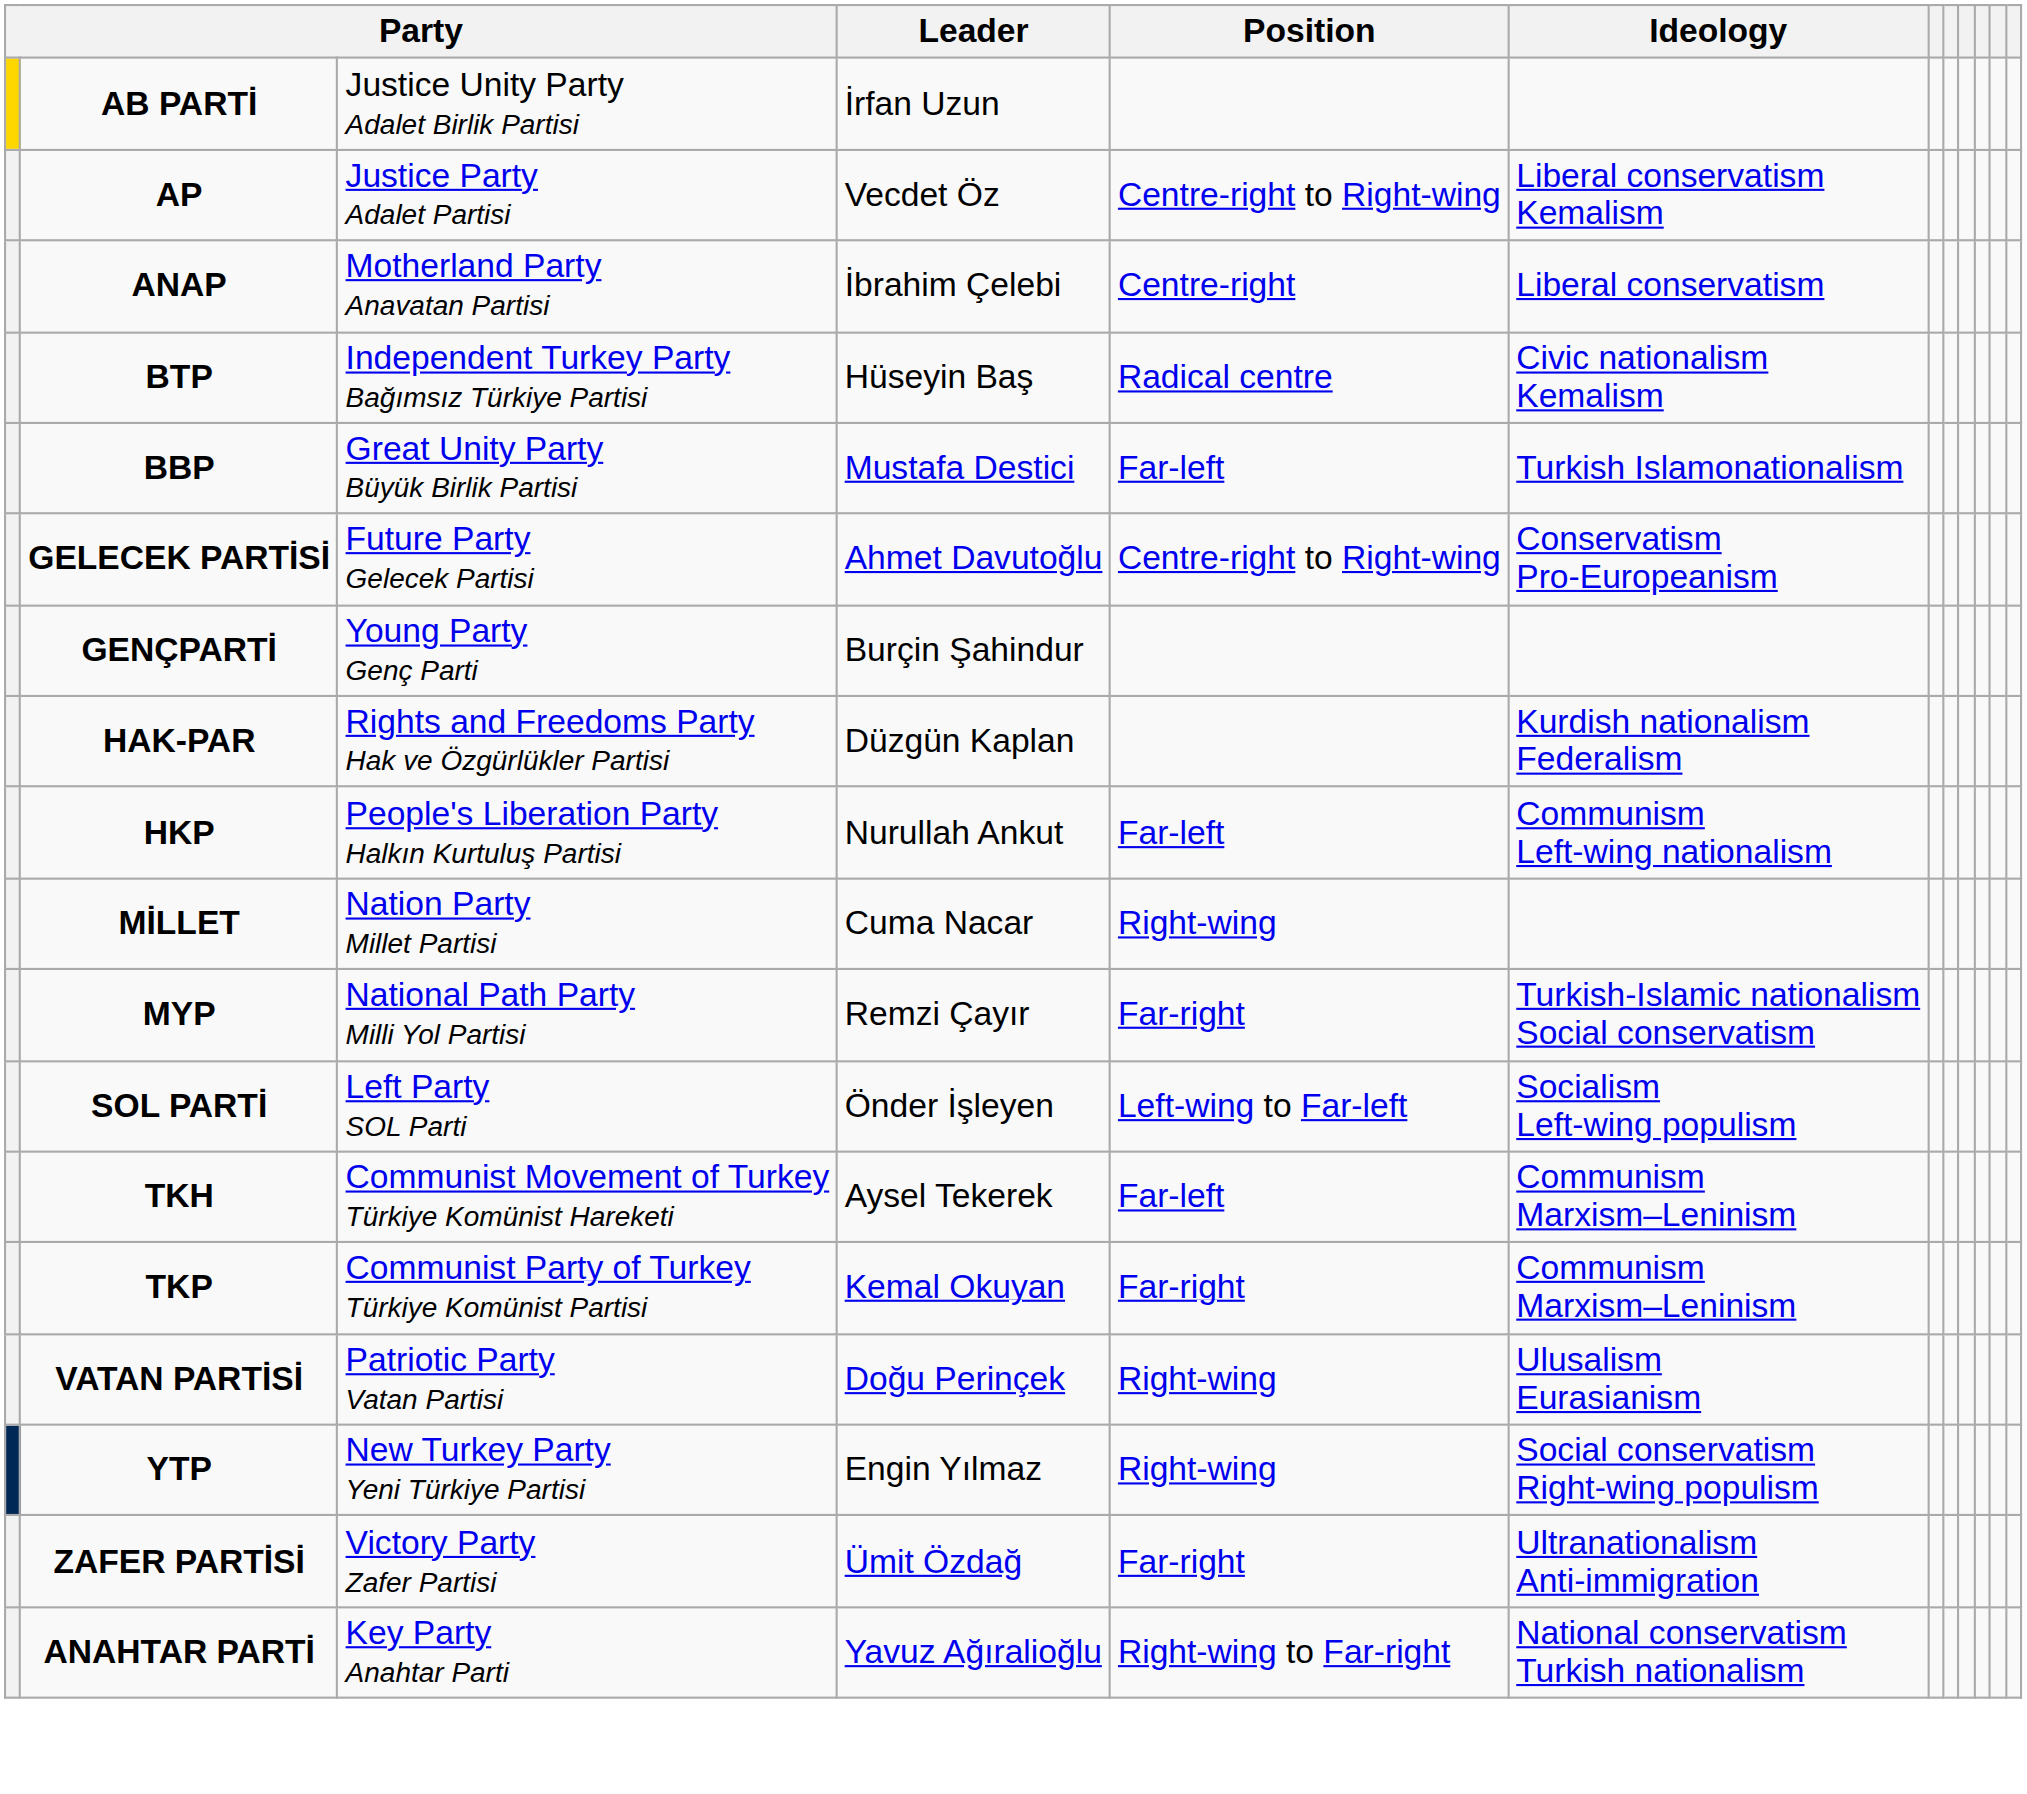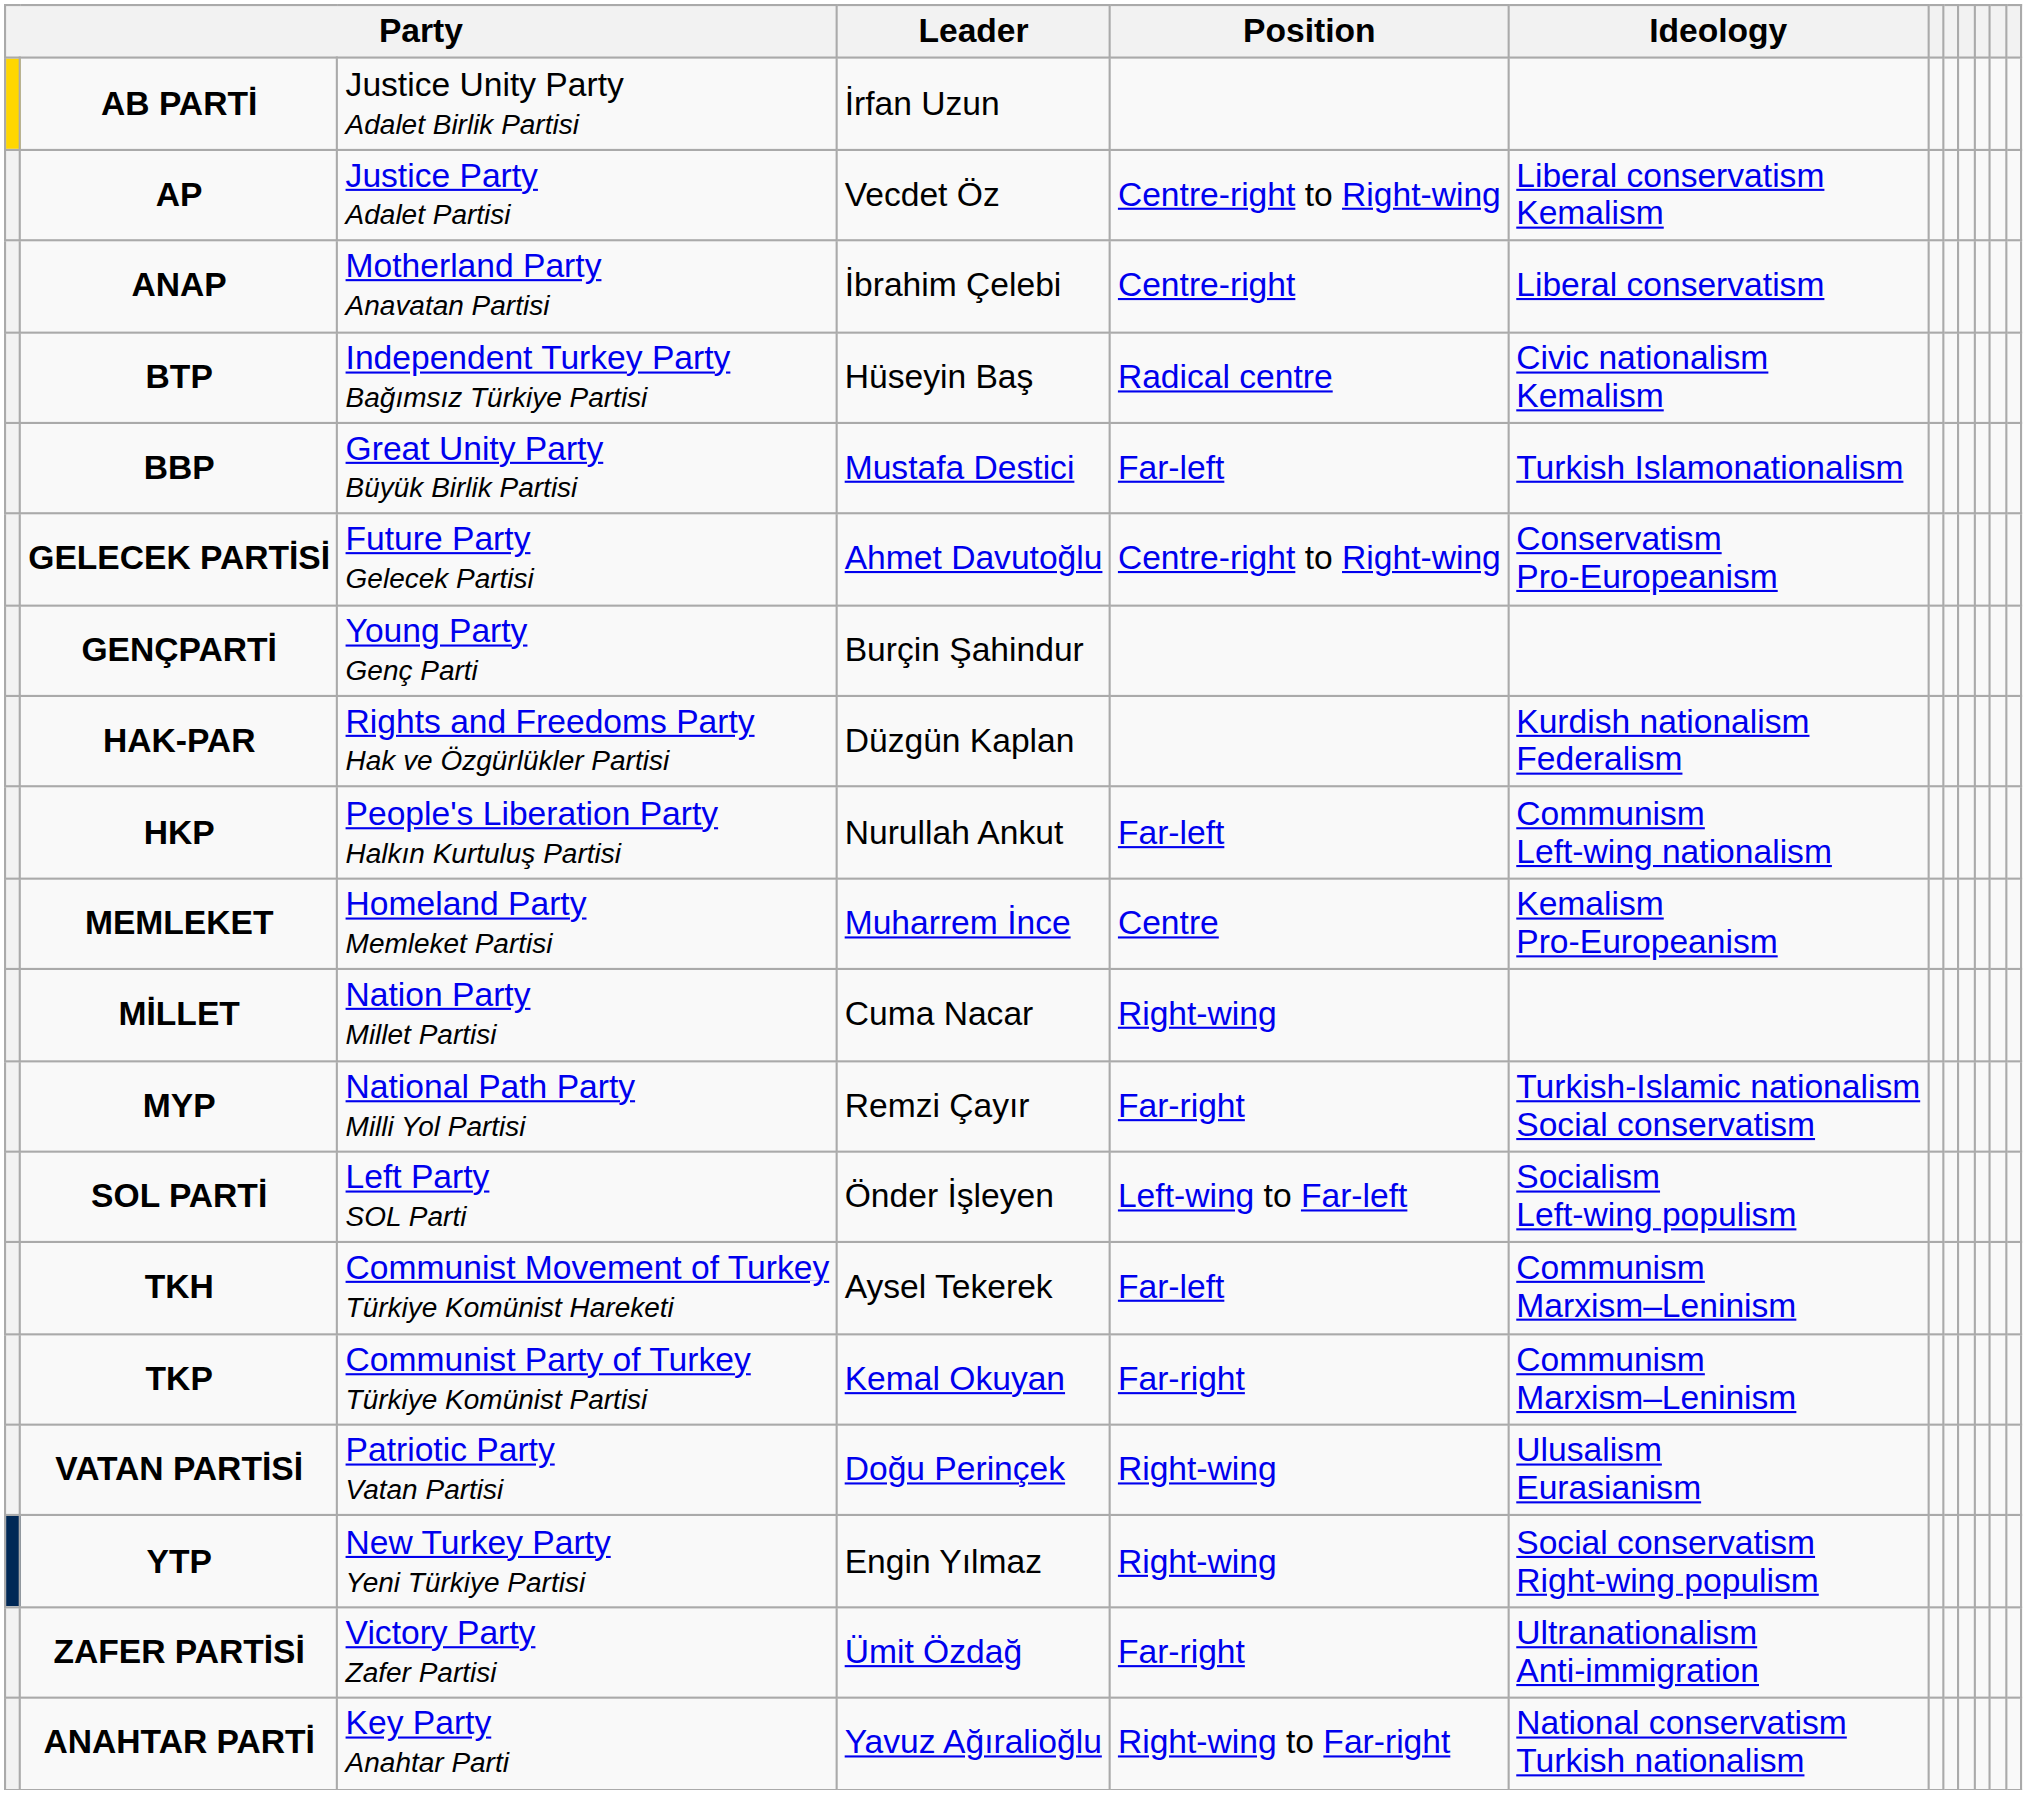 <table class="wikitable sortable">
 <tr>
 <th colspan="3" scope="col">Party</th>
 <th>Leader</th>
 <th>Position</th>
 <th>Ideology</th>
 <th></th>
 <th></th>
 <th></th>
 <th></th>
 <th></th>
 <th></th>
 </tr>
 <tr>
 <th style="background-color:#FFD700"></th>
 <td align="center"><strong>AB PARTİ</strong></td>
 <td>Justice Unity Party<br><small><em>Adalet Birlik Partisi</em></small></td>
 <td>İrfan Uzun</td>
 <td></td>
 <td></td>
 <td></td>
 <td></td>
 <td></td>
 <td></td>
 <td></td>
 <td></td>
 </tr>
 <tr>
 <th style="background-color:"></th>
 <td align="center"><strong>AP</strong></td>
 <td><a href='#'>Justice Party</a><br><small><em>Adalet Partisi</em></small></td>
 <td>Vecdet Öz</td>
 <td><a href='#'>Centre-right</a> to <a href='#'>Right-wing</a></td>
 <td><a href='#'>Liberal conservatism</a><br><a href='#'>Kemalism</a></td>
 <td></td>
 <td></td>
 <td></td>
 <td></td>
 <td></td>
 <td></td>
 </tr>
 <tr>
 <th style="background-color:"></th>
 <td align="center"><strong>ANAP</strong></td>
 <td><a href='#'>Motherland Party</a><br><small><em>Anavatan Partisi</em></small></td>
 <td>İbrahim Çelebi</td>
 <td><a href='#'>Centre-right</a></td>
 <td><a href='#'>Liberal conservatism</a></td>
 <td></td>
 <td></td>
 <td></td>
 <td></td>
 <td></td>
 <td></td>
 </tr>
 <tr>
 <th style="background-color:"></th>
 <td align="center"><strong>BTP</strong></td>
 <td><a href='#'>Independent Turkey Party</a><br><small><em>Bağımsız Türkiye Partisi</em></small></td>
 <td>Hüseyin Baş</td>
 <td><a href='#'>Radical centre</a></td>
 <td><a href='#'>Civic nationalism</a><br><a href='#'>Kemalism</a></td>
 <td></td>
 <td></td>
 <td></td>
 <td></td>
 <td></td>
 <td></td>
 </tr>
 <tr>
 <th style="background-color:"></th>
 <td align="center"><strong>BBP</strong></td>
 <td><a href='#'>Great Unity Party</a><br><small><em>Büyük Birlik Partisi</em></small></td>
 <td><a href='#'>Mustafa Destici</a></td>
 <td><a href='#'>Far-left</a></td>
 <td><a href='#'>Turkish Islamonationalism</a></td>
 <td></td>
 <td></td>
 <td></td>
 <td></td>
 <td></td>
 <td></td>
 </tr>
 <tr>
 <th style="background-color:"></th>
 <td align="center"><strong>GELECEK PARTİSİ</strong></td>
 <td><a href='#'>Future Party</a><br><small><em>Gelecek Partisi</em></small></td>
 <td><a href='#'>Ahmet Davutoğlu</a></td>
 <td><a href='#'>Centre-right</a> to <a href='#'>Right-wing</a></td>
 <td><a href='#'>Conservatism</a><br><a href='#'>Pro-Europeanism</a></td>
 <td></td>
 <td></td>
 <td></td>
 <td></td>
 <td></td>
 <td></td>
 </tr>
 <tr>
 <th style="background-color:"></th>
 <td align="center"><strong>GENÇPARTİ</strong></td>
 <td><a href='#'>Young Party</a><br><small><em>Genç Parti</em></small></td>
 <td>Burçin Şahindur</td>
 <td></td>
 <td></td>
 <td></td>
 <td></td>
 <td></td>
 <td></td>
 <td></td>
 <td></td>
 </tr>
 <tr>
 <th style="background-color:"></th>
 <td align="center"><strong>HAK-PAR</strong></td>
 <td><a href='#'>Rights and Freedoms Party</a><br><small><em>Hak ve Özgürlükler Partisi</em></small></td>
 <td>Düzgün Kaplan</td>
 <td></td>
 <td><a href='#'>Kurdish nationalism</a><br><a href='#'>Federalism</a></td>
 <td></td>
 <td></td>
 <td></td>
 <td></td>
 <td></td>
 <td></td>
 </tr>
 <tr>
 <th style="background-color:"></th>
 <td align="center"><strong>HKP</strong></td>
 <td><a href='#'>People's Liberation Party</a><br><small><em>Halkın Kurtuluş Partisi</em></small></td>
 <td>Nurullah Ankut</td>
 <td><a href='#'>Far-left</a></td>
 <td><a href='#'>Communism</a><br><a href='#'>Left-wing nationalism</a></td>
 <td></td>
 <td></td>
 <td></td>
 <td></td>
 <td></td>
 <td></td>
 </tr>
 <tr>
 <th style="background-color:"></th>
+<td align="center"><strong>MEMLEKET</strong></td>
+<td><a href='#'>Homeland Party</a> <br><small><em>Memleket Partisi</em></small></td>
+<td><a href='#'>Muharrem İnce</a></td>
+<td><a href='#'>Centre</a></td>
+<td><a href='#'>Kemalism</a><br><a href='#'>Pro-Europeanism</a></td>
+<td></td>
+<td></td>
+<td></td>
+<td></td>
+<td></td>
+<td></td>
+</tr>
+<tr>
+<th style="background-color:"></th>
 <td align="center"><strong>MİLLET</strong></td>
 <td><a href='#'>Nation Party</a><br><small><em>Millet Partisi</em></small></td>
 <td>Cuma Nacar</td>
 <td><a href='#'>Right-wing</a></td>
 <td></td>
 <td></td>
 <td></td>
 <td></td>
 <td></td>
 <td></td>
 <td></td>
 </tr>
 <tr>
 <th style="background-color:"></th>
 <td align="center"><strong>MYP</strong></td>
 <td><a href='#'>National Path Party</a><br><small><em>Milli Yol Partisi</em></small></td>
 <td>Remzi Çayır</td>
 <td><a href='#'>Far-right</a></td>
 <td><a href='#'>Turkish-Islamic nationalism</a><br><a href='#'>Social conservatism</a></td>
 <td></td>
 <td></td>
 <td></td>
 <td></td>
 <td></td>
 <td></td>
 </tr>
 <tr>
 <th style="background-color:"></th>
 <td align="center"><strong>SOL PARTİ</strong></td>
 <td><a href='#'>Left Party</a><br><small><em>SOL Parti</em></small></td>
 <td>Önder İşleyen</td>
 <td><a href='#'>Left-wing</a> to <a href='#'>Far-left</a></td>
 <td><a href='#'>Socialism</a><br><a href='#'>Left-wing populism</a></td>
 <td></td>
 <td></td>
 <td></td>
 <td></td>
 <td></td>
 <td></td>
 </tr>
 <tr>
 <th style="background-color:"></th>
 <td align="center"><strong>TKH</strong></td>
 <td><a href='#'>Communist Movement of Turkey</a><br><small><em>Türkiye Komünist Hareketi</em></small></td>
 <td>Aysel Tekerek</td>
 <td><a href='#'>Far-left</a></td>
 <td><a href='#'>Communism</a><br><a href='#'>Marxism–Leninism</a></td>
 <td></td>
 <td></td>
 <td></td>
 <td></td>
 <td></td>
 <td></td>
 </tr>
 <tr>
 <th style="background-color:"></th>
 <td align="center"><strong>TKP</strong></td>
 <td><a href='#'>Communist Party of Turkey</a><br><small><em>Türkiye Komünist Partisi</em></small></td>
 <td><a href='#'>Kemal Okuyan</a></td>
 <td><a href='#'>Far-right</a></td>
 <td><a href='#'>Communism</a><br><a href='#'>Marxism–Leninism</a></td>
 <td></td>
 <td></td>
 <td></td>
 <td></td>
 <td></td>
 <td></td>
 </tr>
 <tr>
 <th style="background-color:"></th>
 <td align="center"><strong>VATAN PARTİSİ</strong></td>
 <td><a href='#'>Patriotic Party</a><br><small><em>Vatan Partisi</em></small></td>
 <td><a href='#'>Doğu Perinçek</a></td>
 <td><a href='#'>Right-wing</a></td>
 <td><a href='#'>Ulusalism</a><br><a href='#'>Eurasianism</a></td>
 <td></td>
 <td></td>
 <td></td>
 <td></td>
 <td></td>
 <td></td>
 </tr>
 <tr>
 <th style="background-color:#002856"></th>
 <td align="center"><strong>YTP</strong></td>
 <td><a href='#'>New Turkey Party</a><br><small><em>Yeni Türkiye Partisi</em></small></td>
 <td>Engin Yılmaz</td>
 <td><a href='#'>Right-wing</a></td>
 <td><a href='#'>Social conservatism</a><br><a href='#'>Right-wing populism</a></td>
 <td></td>
 <td></td>
 <td></td>
 <td></td>
 <td></td>
 <td></td>
 </tr>
 <tr>
 <th style="background-color:"></th>
 <td align="center"><strong>ZAFER PARTİSİ</strong></td>
 <td><a href='#'>Victory Party</a><br><small><em>Zafer Partisi</em></small></td>
 <td><a href='#'>Ümit Özdağ</a></td>
 <td><a href='#'>Far-right</a></td>
 <td><a href='#'>Ultranationalism</a><br><a href='#'>Anti-immigration</a></td>
 <td></td>
 <td></td>
 <td></td>
 <td></td>
 <td></td>
 <td></td>
 </tr>
 <tr>
 <th style="background-color:"></th>
 <td align="center"><strong>ANAHTAR PARTİ</strong></td>
 <td><a href='#'>Key Party</a><br><small><em>Anahtar Parti</em></small></td>
 <td><a href='#'>Yavuz Ağıralioğlu</a></td>
 <td><a href='#'>Right-wing</a> to <a href='#'>Far-right</a></td>
 <td><a href='#'>National conservatism</a><br><a href='#'>Turkish nationalism</a></td>
 <td></td>
 <td></td>
 <td></td>
 <td></td>
 <td></td>
 <td></td>
 </tr>
 </table>
